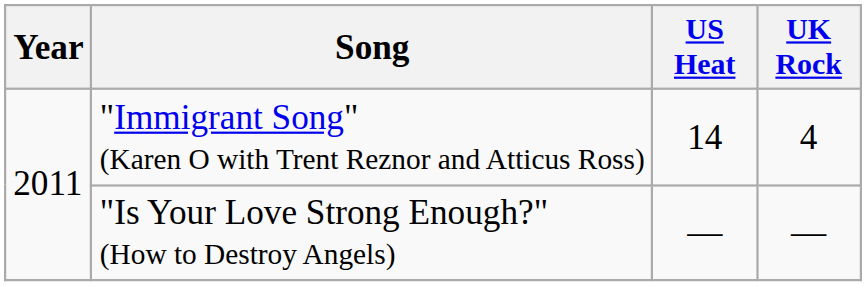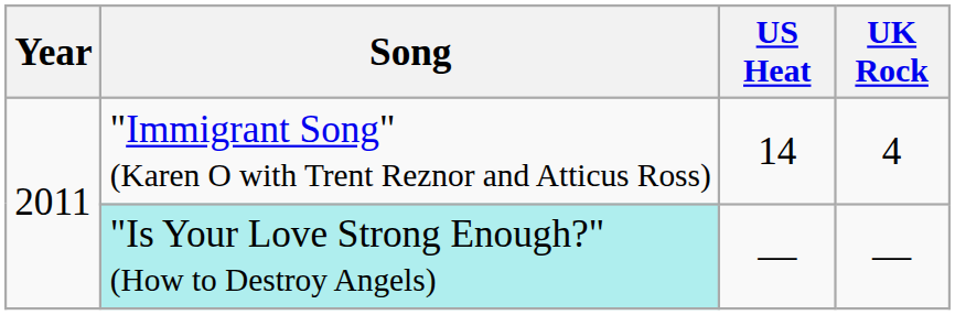 <table class="wikitable">
 <tr>
 <th>Year</th>
 <th>Song</th>
 <th style="width:3em;font-size:85%"><a href='#'>US<br>Heat</a><br></th>
 <th style="width:3em;font-size:85%"><a href='#'>UK<br>Rock</a><br></th>
 </tr>
 <tr>
 <td rowspan="2">2011</td>
 <td>"<a href='#'>Immigrant Song</a>"<br><small>(Karen O with Trent Reznor and Atticus Ross)</small></td>
 <td style="text-align:center;">14</td>
 <td style="text-align:center;">4</td>
 </tr>
 <tr>
-<td>"Is Your Love Strong Enough?"<br><small>(How to Destroy Angels)</small></td>
+<td style="background: paleturquoise;">"Is Your Love Strong Enough?"<br><small>(How to Destroy Angels)</small></td>
 <td style="text-align:center;">—</td>
 <td style="text-align:center;">—</td>
 </tr>
 </table>
